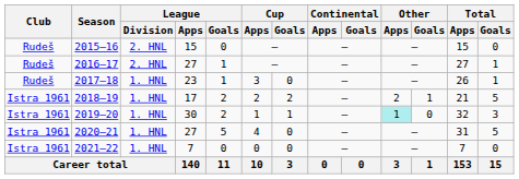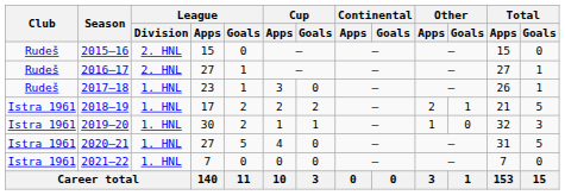 <table class="wikitable" style="text-align: center">
 <tr>
 <th rowspan="2">Club</th>
 <th rowspan="2">Season</th>
 <th colspan="3">League</th>
 <th colspan="2">Cup</th>
 <th colspan="2">Continental</th>
 <th colspan="2">Other</th>
 <th colspan="2">Total</th>
 </tr>
 <tr>
 <th>Division</th>
 <th>Apps</th>
 <th>Goals</th>
 <th>Apps</th>
 <th>Goals</th>
 <th>Apps</th>
 <th>Goals</th>
 <th>Apps</th>
 <th>Goals</th>
 <th>Apps</th>
 <th>Goals</th>
 </tr>
 <tr>
 <td><a href='#'>Rudeš</a></td>
 <td><a href='#'>2015–16</a></td>
 <td><a href='#'>2. HNL</a></td>
 <td>15</td>
 <td>0</td>
 <td colspan="2">–</td>
 <td colspan="2">–</td>
 <td colspan="2">–</td>
 <td>15</td>
 <td>0</td>
 </tr>
 <tr>
 <td><a href='#'>Rudeš</a></td>
 <td><a href='#'>2016–17</a></td>
 <td><a href='#'>2. HNL</a></td>
 <td>27</td>
 <td>1</td>
 <td colspan="2">–</td>
 <td colspan="2">–</td>
 <td colspan="2">–</td>
 <td>27</td>
 <td>1</td>
 </tr>
 <tr>
 <td><a href='#'>Rudeš</a></td>
 <td><a href='#'>2017–18</a></td>
 <td><a href='#'>1. HNL</a></td>
 <td>23</td>
 <td>1</td>
 <td>3</td>
 <td>0</td>
 <td colspan="2">–</td>
 <td colspan="2">–</td>
 <td>26</td>
 <td>1</td>
 </tr>
 <tr>
 <td><a href='#'>Istra 1961</a></td>
 <td><a href='#'>2018–19</a></td>
 <td><a href='#'>1. HNL</a></td>
 <td>17</td>
 <td>2</td>
 <td>2</td>
 <td>2</td>
 <td colspan="2">–</td>
 <td>2</td>
 <td>1</td>
 <td>21</td>
 <td>5</td>
 </tr>
 <tr>
 <td><a href='#'>Istra 1961</a></td>
 <td><a href='#'>2019–20</a></td>
 <td><a href='#'>1. HNL</a></td>
 <td>30</td>
 <td>2</td>
 <td>1</td>
 <td>1</td>
 <td colspan="2">–</td>
-<td style="background: paleturquoise;">1</td>
+<td>1</td>
 <td>0</td>
 <td>32</td>
 <td>3</td>
 </tr>
 <tr>
 <td><a href='#'>Istra 1961</a></td>
 <td><a href='#'>2020–21</a></td>
 <td><a href='#'>1. HNL</a></td>
 <td>27</td>
 <td>5</td>
 <td>4</td>
 <td>0</td>
 <td colspan="2">–</td>
 <td colspan="2">–</td>
 <td>31</td>
 <td>5</td>
 </tr>
 <tr>
 <td><a href='#'>Istra 1961</a></td>
 <td><a href='#'>2021–22</a></td>
 <td><a href='#'>1. HNL</a></td>
 <td>7</td>
 <td>0</td>
 <td>0</td>
 <td>0</td>
 <td colspan="2">–</td>
 <td colspan="2">–</td>
 <td>7</td>
 <td>0</td>
 </tr>
 <tr>
 <th colspan=3>Career total</th>
 <th>140</th>
 <th>11</th>
 <th>10</th>
 <th>3</th>
 <th>0</th>
 <th>0</th>
 <th>3</th>
 <th>1</th>
 <th>153</th>
 <th>15</th>
 </tr>
 </table>
